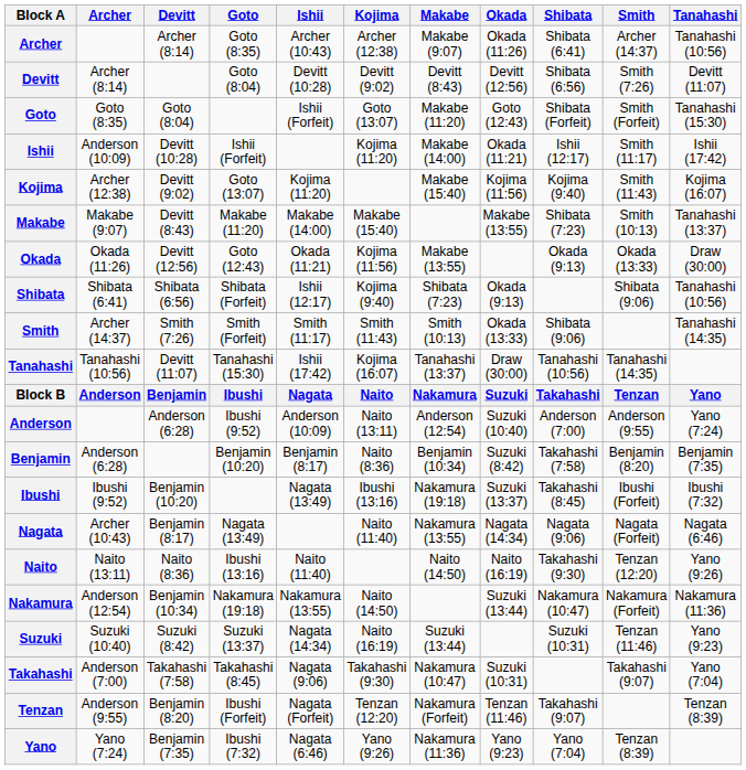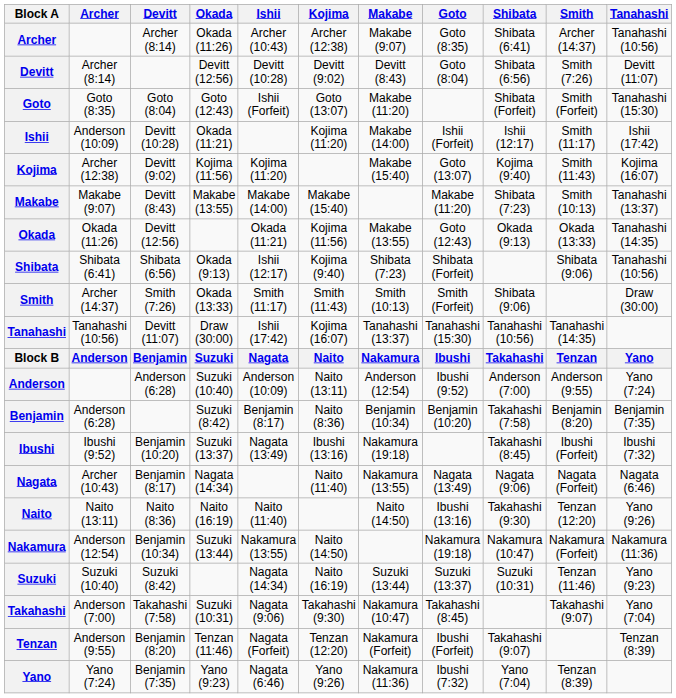 <table class="wikitable" align=center style="margin: 1em auto 1em auto">
 <tr align="center">
 <th>Block A</th>
 <th><a href='#'>Archer</a></th>
 <th><a href='#'>Devitt</a></th>
-<th><a href='#'>Goto</a></th>
+<th><a href='#'>Okada</a></th>
 <th><a href='#'>Ishii</a></th>
 <th><a href='#'>Kojima</a></th>
 <th><a href='#'>Makabe</a></th>
-<th><a href='#'>Okada</a></th>
+<th><a href='#'>Goto</a></th>
 <th><a href='#'>Shibata</a></th>
 <th><a href='#'>Smith</a></th>
 <th><a href='#'>Tanahashi</a></th>
 </tr>
 <tr align="center">
 <th><a href='#'>Archer</a></th>
 <td></td>
 <td>Archer<br>(8:14)</td>
-<td>Goto<br>(8:35)</td>
+<td>Okada<br>(11:26)</td>
 <td>Archer<br>(10:43)</td>
 <td>Archer<br>(12:38)</td>
 <td>Makabe<br>(9:07)</td>
-<td>Okada<br>(11:26)</td>
+<td>Goto<br>(8:35)</td>
 <td>Shibata<br>(6:41)</td>
 <td>Archer<br>(14:37)</td>
 <td>Tanahashi<br>(10:56)</td>
 </tr>
 <tr align="center">
 <th><a href='#'>Devitt</a></th>
 <td>Archer<br>(8:14)</td>
 <td></td>
-<td>Goto<br>(8:04)</td>
+<td>Devitt<br>(12:56)</td>
 <td>Devitt<br>(10:28)</td>
 <td>Devitt<br>(9:02)</td>
 <td>Devitt<br>(8:43)</td>
-<td>Devitt<br>(12:56)</td>
+<td>Goto<br>(8:04)</td>
 <td>Shibata<br>(6:56)</td>
 <td>Smith<br>(7:26)</td>
 <td>Devitt<br>(11:07)</td>
 </tr>
 <tr align="center">
 <th><a href='#'>Goto</a></th>
 <td>Goto<br>(8:35)</td>
 <td>Goto<br>(8:04)</td>
-<td></td>
+<td>Goto<br>(12:43)</td>
 <td>Ishii<br>(Forfeit)</td>
 <td>Goto<br>(13:07)</td>
 <td>Makabe<br>(11:20)</td>
-<td>Goto<br>(12:43)</td>
+<td></td>
 <td>Shibata<br>(Forfeit)</td>
 <td>Smith<br>(Forfeit)</td>
 <td>Tanahashi<br>(15:30)</td>
 </tr>
 <tr align="center">
 <th><a href='#'>Ishii</a></th>
 <td>Anderson<br>(10:09)</td>
 <td>Devitt<br>(10:28)</td>
-<td>Ishii<br>(Forfeit)</td>
+<td>Okada<br>(11:21)</td>
 <td></td>
 <td>Kojima<br>(11:20)</td>
 <td>Makabe<br>(14:00)</td>
-<td>Okada<br>(11:21)</td>
+<td>Ishii<br>(Forfeit)</td>
 <td>Ishii<br>(12:17)</td>
 <td>Smith<br>(11:17)</td>
 <td>Ishii<br>(17:42)</td>
 </tr>
 <tr align="center">
 <th><a href='#'>Kojima</a></th>
 <td>Archer<br>(12:38)</td>
 <td>Devitt<br>(9:02)</td>
-<td>Goto<br>(13:07)</td>
+<td>Kojima<br>(11:56)</td>
 <td>Kojima<br>(11:20)</td>
 <td></td>
 <td>Makabe<br>(15:40)</td>
-<td>Kojima<br>(11:56)</td>
+<td>Goto<br>(13:07)</td>
 <td>Kojima<br>(9:40)</td>
 <td>Smith<br>(11:43)</td>
 <td>Kojima<br>(16:07)</td>
 </tr>
 <tr align="center">
 <th><a href='#'>Makabe</a></th>
 <td>Makabe<br>(9:07)</td>
 <td>Devitt<br>(8:43)</td>
-<td>Makabe<br>(11:20)</td>
+<td>Makabe<br>(13:55)</td>
 <td>Makabe<br>(14:00)</td>
 <td>Makabe<br>(15:40)</td>
 <td></td>
-<td>Makabe<br>(13:55)</td>
+<td>Makabe<br>(11:20)</td>
 <td>Shibata<br>(7:23)</td>
 <td>Smith<br>(10:13)</td>
 <td>Tanahashi<br>(13:37)</td>
 </tr>
 <tr align="center">
 <th><a href='#'>Okada</a></th>
 <td>Okada<br>(11:26)</td>
 <td>Devitt<br>(12:56)</td>
-<td>Goto<br>(12:43)</td>
+<td></td>
 <td>Okada<br>(11:21)</td>
 <td>Kojima<br>(11:56)</td>
 <td>Makabe<br>(13:55)</td>
-<td></td>
+<td>Goto<br>(12:43)</td>
 <td>Okada<br>(9:13)</td>
 <td>Okada<br>(13:33)</td>
-<td>Draw<br>(30:00)</td>
+<td>Tanahashi<br>(14:35)</td>
 </tr>
 <tr align="center">
 <th><a href='#'>Shibata</a></th>
 <td>Shibata<br>(6:41)</td>
 <td>Shibata<br>(6:56)</td>
-<td>Shibata<br>(Forfeit)</td>
+<td>Okada<br>(9:13)</td>
 <td>Ishii<br>(12:17)</td>
 <td>Kojima<br>(9:40)</td>
 <td>Shibata<br>(7:23)</td>
-<td>Okada<br>(9:13)</td>
+<td>Shibata<br>(Forfeit)</td>
 <td></td>
 <td>Shibata<br>(9:06)</td>
 <td>Tanahashi<br>(10:56)</td>
 </tr>
 <tr align="center">
 <th><a href='#'>Smith</a></th>
 <td>Archer<br>(14:37)</td>
 <td>Smith<br>(7:26)</td>
-<td>Smith<br>(Forfeit)</td>
+<td>Okada<br>(13:33)</td>
 <td>Smith<br>(11:17)</td>
 <td>Smith<br>(11:43)</td>
 <td>Smith<br>(10:13)</td>
-<td>Okada<br>(13:33)</td>
+<td>Smith<br>(Forfeit)</td>
 <td>Shibata<br>(9:06)</td>
 <td></td>
-<td>Tanahashi<br>(14:35)</td>
+<td>Draw<br>(30:00)</td>
 </tr>
 <tr align="center">
 <th><a href='#'>Tanahashi</a></th>
 <td>Tanahashi<br>(10:56)</td>
 <td>Devitt<br>(11:07)</td>
-<td>Tanahashi<br>(15:30)</td>
+<td>Draw<br>(30:00)</td>
 <td>Ishii<br>(17:42)</td>
 <td>Kojima<br>(16:07)</td>
 <td>Tanahashi<br>(13:37)</td>
-<td>Draw<br>(30:00)</td>
+<td>Tanahashi<br>(15:30)</td>
 <td>Tanahashi<br>(10:56)</td>
 <td>Tanahashi<br>(14:35)</td>
 <td></td>
 </tr>
 <tr align="center">
 <th>Block B</th>
 <th><a href='#'>Anderson</a></th>
 <th><a href='#'>Benjamin</a></th>
-<th><a href='#'>Ibushi</a></th>
+<th><a href='#'>Suzuki</a></th>
 <th><a href='#'>Nagata</a></th>
 <th><a href='#'>Naito</a></th>
 <th><a href='#'>Nakamura</a></th>
-<th><a href='#'>Suzuki</a></th>
+<th><a href='#'>Ibushi</a></th>
 <th><a href='#'>Takahashi</a></th>
 <th><a href='#'>Tenzan</a></th>
 <th><a href='#'>Yano</a></th>
 </tr>
 <tr align="center">
 <th><a href='#'>Anderson</a></th>
 <td></td>
 <td>Anderson<br>(6:28)</td>
-<td>Ibushi<br>(9:52)</td>
+<td>Suzuki<br>(10:40)</td>
 <td>Anderson<br>(10:09)</td>
 <td>Naito<br>(13:11)</td>
 <td>Anderson<br>(12:54)</td>
-<td>Suzuki<br>(10:40)</td>
+<td>Ibushi<br>(9:52)</td>
 <td>Anderson<br>(7:00)</td>
 <td>Anderson<br>(9:55)</td>
 <td>Yano<br>(7:24)</td>
 </tr>
 <tr align="center">
 <th><a href='#'>Benjamin</a></th>
 <td>Anderson<br>(6:28)</td>
 <td></td>
-<td>Benjamin<br>(10:20)</td>
+<td>Suzuki<br>(8:42)</td>
 <td>Benjamin<br>(8:17)</td>
 <td>Naito<br>(8:36)</td>
 <td>Benjamin<br>(10:34)</td>
-<td>Suzuki<br>(8:42)</td>
+<td>Benjamin<br>(10:20)</td>
 <td>Takahashi<br>(7:58)</td>
 <td>Benjamin<br>(8:20)</td>
 <td>Benjamin<br>(7:35)</td>
 </tr>
 <tr align="center">
 <th><a href='#'>Ibushi</a></th>
 <td>Ibushi<br>(9:52)</td>
 <td>Benjamin<br>(10:20)</td>
-<td></td>
+<td>Suzuki<br>(13:37)</td>
 <td>Nagata<br>(13:49)</td>
 <td>Ibushi<br>(13:16)</td>
 <td>Nakamura<br>(19:18)</td>
-<td>Suzuki<br>(13:37)</td>
+<td></td>
 <td>Takahashi<br>(8:45)</td>
 <td>Ibushi<br>(Forfeit)</td>
 <td>Ibushi<br>(7:32)</td>
 </tr>
 <tr align="center">
 <th><a href='#'>Nagata</a></th>
 <td>Archer<br>(10:43)</td>
 <td>Benjamin<br>(8:17)</td>
-<td>Nagata<br>(13:49)</td>
+<td>Nagata<br>(14:34)</td>
 <td></td>
 <td>Naito<br>(11:40)</td>
 <td>Nakamura<br>(13:55)</td>
-<td>Nagata<br>(14:34)</td>
+<td>Nagata<br>(13:49)</td>
 <td>Nagata<br>(9:06)</td>
 <td>Nagata<br>(Forfeit)</td>
 <td>Nagata<br>(6:46)</td>
 </tr>
 <tr align="center">
 <th><a href='#'>Naito</a></th>
 <td>Naito<br>(13:11)</td>
 <td>Naito<br>(8:36)</td>
-<td>Ibushi<br>(13:16)</td>
+<td>Naito<br>(16:19)</td>
 <td>Naito<br>(11:40)</td>
 <td></td>
 <td>Naito<br>(14:50)</td>
-<td>Naito<br>(16:19)</td>
+<td>Ibushi<br>(13:16)</td>
 <td>Takahashi<br>(9:30)</td>
 <td>Tenzan<br>(12:20)</td>
 <td>Yano<br>(9:26)</td>
 </tr>
 <tr align="center">
 <th><a href='#'>Nakamura</a></th>
 <td>Anderson<br>(12:54)</td>
 <td>Benjamin<br>(10:34)</td>
-<td>Nakamura<br>(19:18)</td>
+<td>Suzuki<br>(13:44)</td>
 <td>Nakamura<br>(13:55)</td>
 <td>Naito<br>(14:50)</td>
 <td></td>
-<td>Suzuki<br>(13:44)</td>
+<td>Nakamura<br>(19:18)</td>
 <td>Nakamura<br>(10:47)</td>
 <td>Nakamura<br>(Forfeit)</td>
 <td>Nakamura<br>(11:36)</td>
 </tr>
 <tr align="center">
 <th><a href='#'>Suzuki</a></th>
 <td>Suzuki<br>(10:40)</td>
 <td>Suzuki<br>(8:42)</td>
-<td>Suzuki<br>(13:37)</td>
+<td></td>
 <td>Nagata<br>(14:34)</td>
 <td>Naito<br>(16:19)</td>
 <td>Suzuki<br>(13:44)</td>
-<td></td>
+<td>Suzuki<br>(13:37)</td>
 <td>Suzuki<br>(10:31)</td>
 <td>Tenzan<br>(11:46)</td>
 <td>Yano<br>(9:23)</td>
 </tr>
 <tr align="center">
 <th><a href='#'>Takahashi</a></th>
 <td>Anderson<br>(7:00)</td>
 <td>Takahashi<br>(7:58)</td>
-<td>Takahashi<br>(8:45)</td>
+<td>Suzuki<br>(10:31)</td>
 <td>Nagata<br>(9:06)</td>
 <td>Takahashi<br>(9:30)</td>
 <td>Nakamura<br>(10:47)</td>
-<td>Suzuki<br>(10:31)</td>
+<td>Takahashi<br>(8:45)</td>
 <td></td>
 <td>Takahashi<br>(9:07)</td>
 <td>Yano<br>(7:04)</td>
 </tr>
 <tr align="center">
 <th><a href='#'>Tenzan</a></th>
 <td>Anderson<br>(9:55)</td>
 <td>Benjamin<br>(8:20)</td>
-<td>Ibushi<br>(Forfeit)</td>
+<td>Tenzan<br>(11:46)</td>
 <td>Nagata<br>(Forfeit)</td>
 <td>Tenzan<br>(12:20)</td>
 <td>Nakamura<br>(Forfeit)</td>
-<td>Tenzan<br>(11:46)</td>
+<td>Ibushi<br>(Forfeit)</td>
 <td>Takahashi<br>(9:07)</td>
 <td></td>
 <td>Tenzan<br>(8:39)</td>
 </tr>
 <tr align="center">
 <th><a href='#'>Yano</a></th>
 <td>Yano<br>(7:24)</td>
 <td>Benjamin<br>(7:35)</td>
-<td>Ibushi<br>(7:32)</td>
+<td>Yano<br>(9:23)</td>
 <td>Nagata<br>(6:46)</td>
 <td>Yano<br>(9:26)</td>
 <td>Nakamura<br>(11:36)</td>
-<td>Yano<br>(9:23)</td>
+<td>Ibushi<br>(7:32)</td>
 <td>Yano<br>(7:04)</td>
 <td>Tenzan<br>(8:39)</td>
 <td></td>
 </tr>
 </table>
